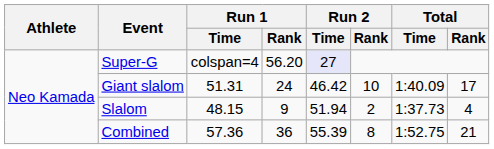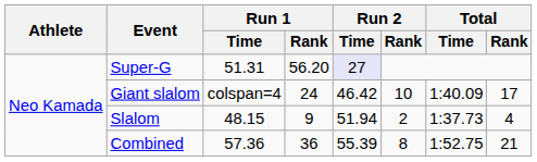 <table class="wikitable" style="font-size:90%">
 <tr>
 <th rowspan=2>Athlete</th>
 <th rowspan=2>Event</th>
 <th colspan=2>Run 1</th>
 <th colspan=2>Run 2</th>
 <th colspan=2>Total</th>
 </tr>
 <tr style="font-size:95%">
 <th>Time</th>
 <th>Rank</th>
 <th>Time</th>
 <th>Rank</th>
 <th>Time</th>
 <th>Rank</th>
 </tr>
 <tr align=center>
 <td align="left" rowspan="4"><a href='#'>Neo Kamada</a></td>
 <td align="left"><a href='#'>Super-G</a></td>
-<td>colspan=4</td>
+<td>51.31</td>
 <td>56.20</td>
 <td style="background: lavender;">27</td>
 </tr>
 <tr align=center>
 <td align="left"><a href='#'>Giant slalom</a></td>
-<td>51.31</td>
+<td>colspan=4</td>
 <td>24</td>
 <td>46.42</td>
 <td>10</td>
 <td>1:40.09</td>
 <td>17</td>
 </tr>
 <tr align=center>
 <td align="left"><a href='#'>Slalom</a></td>
 <td>48.15</td>
 <td>9</td>
 <td>51.94</td>
 <td>2</td>
 <td>1:37.73</td>
 <td>4</td>
 </tr>
 <tr align=center>
 <td align="left"><a href='#'>Combined</a></td>
 <td>57.36</td>
 <td>36</td>
 <td>55.39</td>
 <td>8</td>
 <td>1:52.75</td>
 <td>21</td>
 </tr>
 </table>
